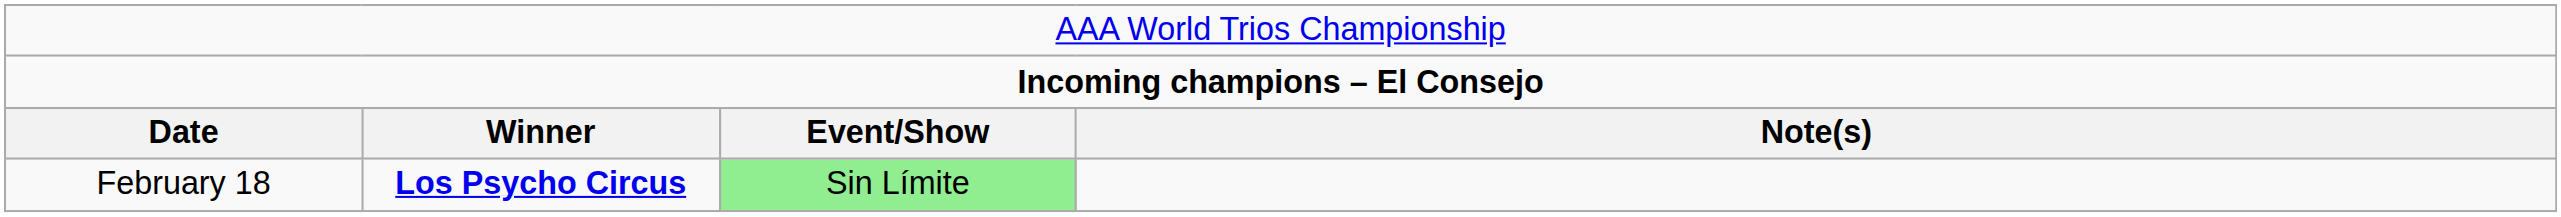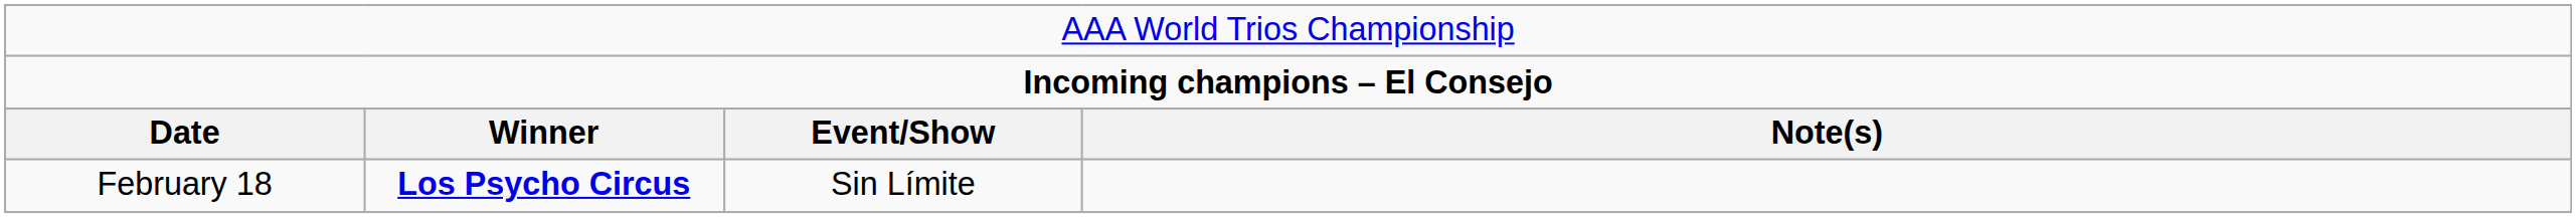 <table class="wikitable" style="text-align:center; width:100%;">
 <tr>
 <td colspan="5"><a href='#'>AAA World Trios Championship</a></td>
 </tr>
 <tr>
 <td colspan="5"><strong>Incoming champions – El Consejo </strong></td>
 </tr>
 <tr>
 <th width="14%">Date</th>
 <th width="14%">Winner</th>
 <th width="14%">Event/Show</th>
 <th width="58%">Note(s)</th>
 </tr>
 <tr>
 <td>February 18</td>
 <td><strong><a href='#'>Los Psycho Circus</a><br></strong></td>
-<td style="background: lightgreen;">Sin Límite</td>
+<td>Sin Límite</td>
 <td align="left"></td>
 </tr>
 </table>
